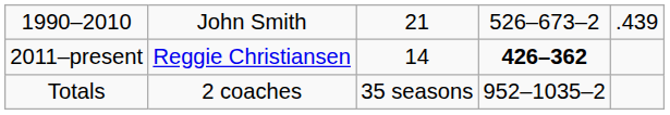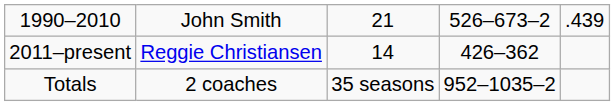 <table class="wikitable" style="text-align:center">
 <tr>
 <td>1990–2010</td>
 <td>John Smith</td>
 <td>21</td>
 <td>526–673–2</td>
 <td>.439</td>
 </tr>
 <tr>
 <td>2011–present</td>
 <td><a href='#'>Reggie Christiansen</a></td>
 <td>14</td>
-<td><strong>426–362</strong></td>
+<td>426–362</td>
 <td></td>
 </tr>
 <tr class="sortbottom">
 <td>Totals</td>
 <td>2 coaches</td>
 <td>35 seasons</td>
 <td>952–1035–2</td>
 <td></td>
 </tr>
 </table>
